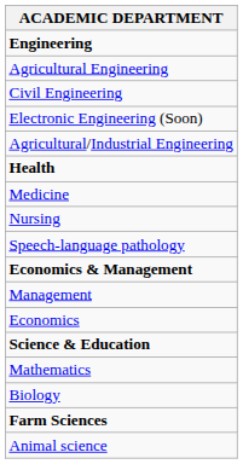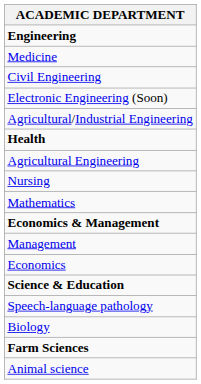 <table class="wikitable">
 <tr>
 <th><strong>ACADEMIC DEPARTMENT</strong></th>
 </tr>
 <tr>
 <td><strong>Engineering</strong></td>
 </tr>
 <tr>
-<td><a href='#'>Agricultural Engineering</a></td>
+<td><a href='#'>Medicine</a></td>
 </tr>
 <tr>
 <td><a href='#'>Civil Engineering</a></td>
 </tr>
 <tr>
 <td><a href='#'>Electronic Engineering</a> (Soon)</td>
 </tr>
 <tr>
 <td><a href='#'>Agricultural</a>/<a href='#'>Industrial Engineering</a></td>
 </tr>
 <tr>
 <td><strong>Health</strong></td>
 </tr>
 <tr>
-<td><a href='#'>Medicine</a></td>
+<td><a href='#'>Agricultural Engineering</a></td>
 </tr>
 <tr>
 <td><a href='#'>Nursing</a></td>
 </tr>
 <tr>
-<td><a href='#'>Speech-language pathology</a></td>
+<td><a href='#'>Mathematics</a></td>
 </tr>
 <tr>
 <td><strong>Economics & Management</strong></td>
 </tr>
 <tr>
 <td><a href='#'>Management</a></td>
 </tr>
 <tr>
 <td><a href='#'>Economics</a></td>
 </tr>
 <tr>
 <td><strong>Science & Education</strong></td>
 </tr>
 <tr>
-<td><a href='#'>Mathematics</a></td>
+<td><a href='#'>Speech-language pathology</a></td>
 </tr>
 <tr>
 <td><a href='#'>Biology</a></td>
 </tr>
 <tr>
 <td><strong>Farm Sciences</strong></td>
 </tr>
 <tr>
 <td><a href='#'>Animal science</a></td>
 </tr>
 </table>
